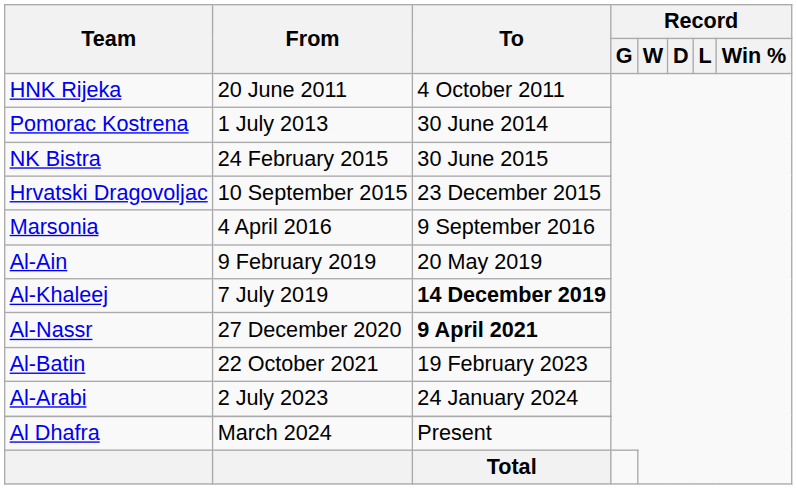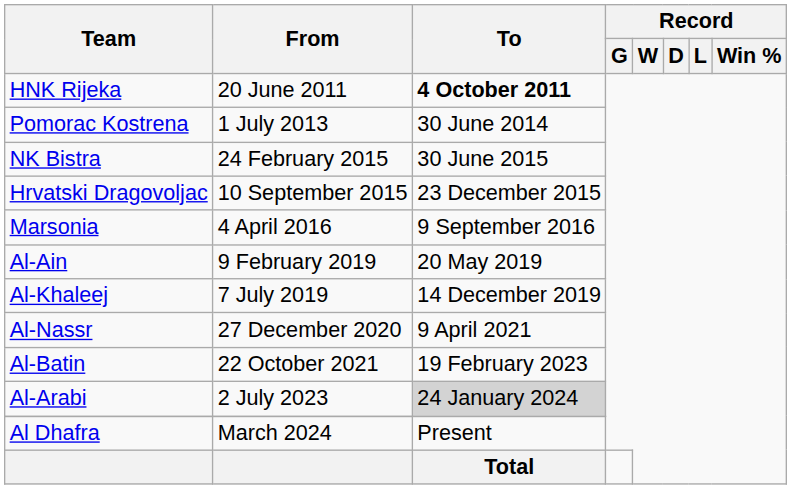 <table class="wikitable sortable">
 <tr>
 <th rowspan="2">Team</th>
 <th rowspan="2">From</th>
 <th rowspan="2">To</th>
 <th colspan="5">Record</th>
 </tr>
 <tr>
 <th>G</th>
 <th>W</th>
 <th>D</th>
 <th>L</th>
 <th>Win %</th>
 </tr>
 <tr>
 <td><a href='#'>HNK Rijeka</a></td>
 <td>20 June 2011</td>
-<td>4 October 2011<br></td>
+<td><strong>4 October 2011<br></strong></td>
 </tr>
 <tr>
 <td><a href='#'>Pomorac Kostrena</a></td>
 <td>1 July 2013</td>
 <td>30 June 2014<br></td>
 </tr>
 <tr>
 <td><a href='#'>NK Bistra</a></td>
 <td>24 February 2015</td>
 <td>30 June 2015<br></td>
 </tr>
 <tr>
 <td><a href='#'>Hrvatski Dragovoljac</a></td>
 <td>10 September 2015</td>
 <td>23 December 2015<br></td>
 </tr>
 <tr>
 <td><a href='#'>Marsonia</a></td>
 <td>4 April 2016</td>
 <td>9 September 2016<br></td>
 </tr>
 <tr>
 <td><a href='#'>Al-Ain</a></td>
 <td>9 February 2019</td>
 <td>20 May 2019<br></td>
 </tr>
 <tr>
 <td><a href='#'>Al-Khaleej</a></td>
 <td>7 July 2019</td>
-<td><strong>14 December 2019<br></strong></td>
+<td>14 December 2019<br></td>
 </tr>
 <tr>
 <td><a href='#'>Al-Nassr</a></td>
 <td>27 December 2020</td>
-<td><strong>9 April 2021<br></strong></td>
+<td>9 April 2021<br></td>
 </tr>
 <tr>
 <td><a href='#'>Al-Batin</a></td>
 <td>22 October 2021</td>
 <td>19 February 2023<br></td>
 </tr>
 <tr>
 <td><a href='#'>Al-Arabi</a></td>
 <td>2 July 2023</td>
-<td>24 January 2024<br></td>
+<td style="background: lightgrey;">24 January 2024<br></td>
 </tr>
 <tr class="sortbottom">
 </tr>
 <tr>
 <td><a href='#'>Al Dhafra</a></td>
 <td>March 2024</td>
 <td>Present<br></td>
 </tr>
 <tr class="sortbottom">
 <th></th>
 <th></th>
 <th>Total<br></th>
 <td></td>
 </tr>
 </table>
